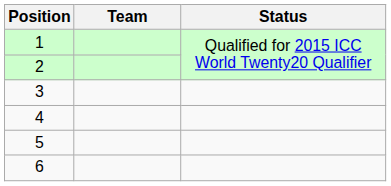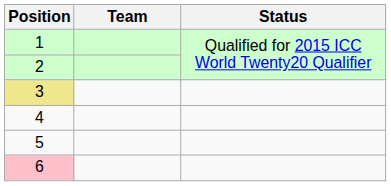 <table class="wikitable" style="text-align:center;">
 <tr>
 <th width=30>Position</th>
 <th width=100>Team</th>
 <th width=200>Status</th>
 </tr>
 <tr style="background:#cfc">
 <td style="text-align:center">1</td>
 <td></td>
 <td rowspan=2>Qualified for <a href='#'>2015 ICC World Twenty20 Qualifier</a></td>
 </tr>
 <tr style="background:#cfc">
 <td>2</td>
 <td></td>
 </tr>
 <tr>
-<td>3</td>
+<td style="background: khaki;">3</td>
 <td></td>
 <td></td>
 </tr>
 <tr>
 <td>4</td>
 <td></td>
 <td></td>
 </tr>
 <tr>
 <td>5</td>
 <td></td>
 <td></td>
 </tr>
 <tr>
-<td>6</td>
+<td style="background: pink;">6</td>
 <td></td>
 <td></td>
 </tr>
 </table>
